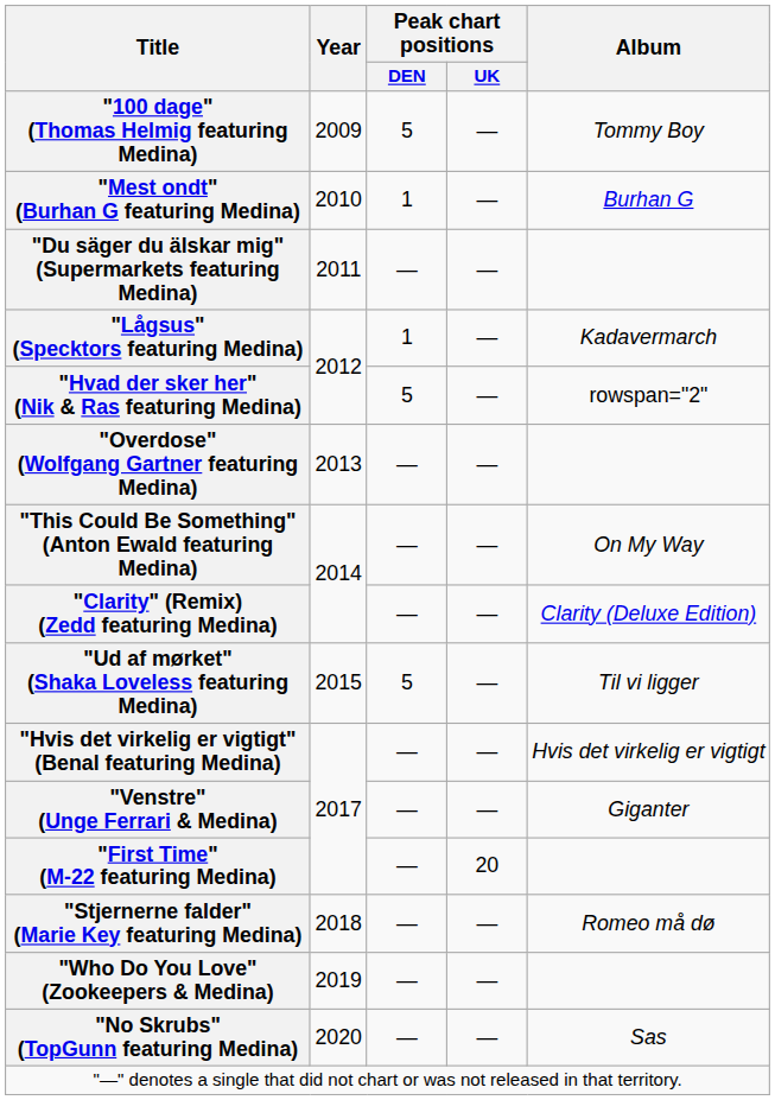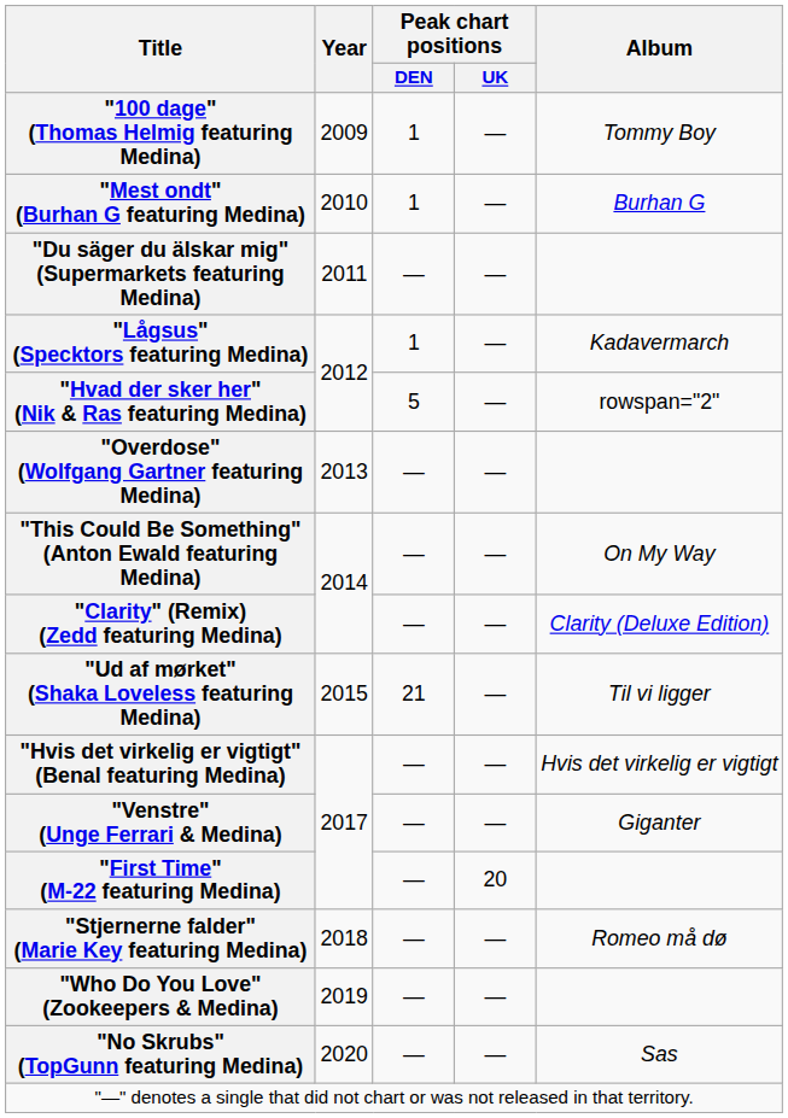 <table class="wikitable plainrowheaders" style="text-align:center;" border="1">
 <tr>
 <th scope="col" rowspan="2" style="width:14em;">Title</th>
 <th scope="col" rowspan="2" style="width:1em;">Year</th>
 <th scope="col" colspan="2">Peak chart positions</th>
 <th scope="col" rowspan="2">Album</th>
 </tr>
 <tr>
 <th scope="col" style="width:4em;font-size:85%"><a href='#'>DEN</a><br></th>
 <th scope="col" style="width:4em;font-size:85%"><a href='#'>UK</a><br></th>
 </tr>
 <tr>
 <th scope="row">"<a href='#'>100 dage</a>"<br><span>(<a href='#'>Thomas Helmig</a> featuring Medina)</span></th>
 <td>2009</td>
-<td>5</td>
+<td>1</td>
 <td>—</td>
 <td><em>Tommy Boy</em></td>
 </tr>
 <tr>
 <th scope="row">"<a href='#'>Mest ondt</a>"<br><span>(<a href='#'>Burhan G</a> featuring Medina)</span></th>
 <td>2010</td>
 <td>1</td>
 <td>—</td>
 <td><em><a href='#'>Burhan G</a></em></td>
 </tr>
 <tr>
 <th scope="row">"Du säger du älskar mig"<br><span>(Supermarkets featuring Medina)</span></th>
 <td>2011</td>
 <td>—</td>
 <td>—</td>
 <td></td>
 </tr>
 <tr>
 <th scope="row">"<a href='#'>Lågsus</a>"<br><span>(<a href='#'>Specktors</a> featuring Medina)</span></th>
 <td rowspan="2">2012</td>
 <td>1</td>
 <td>—</td>
 <td><em>Kadavermarch</em></td>
 </tr>
 <tr>
 <th scope="row">"<a href='#'>Hvad der sker her</a>"<br><span>(<a href='#'>Nik</a> & <a href='#'>Ras</a> featuring Medina)</span></th>
 <td>5</td>
 <td>—</td>
 <td>rowspan="2" </td>
 </tr>
 <tr>
 <th scope="row">"Overdose"<br><span>(<a href='#'>Wolfgang Gartner</a> featuring Medina)</span></th>
 <td>2013</td>
 <td>—</td>
 <td>—</td>
 </tr>
 <tr>
 <th scope="row">"This Could Be Something"<br><span>(Anton Ewald featuring Medina)</span></th>
 <td rowspan="2">2014</td>
 <td>—</td>
 <td>—</td>
 <td><em>On My Way</em></td>
 </tr>
 <tr>
 <th scope="row">"<a href='#'>Clarity</a>" (Remix)<br><span>(<a href='#'>Zedd</a> featuring Medina)</span></th>
 <td>—</td>
 <td>—</td>
 <td><em><a href='#'>Clarity (Deluxe Edition)</a></em></td>
 </tr>
 <tr>
 <th scope="row">"Ud af mørket"<br><span>(<a href='#'>Shaka Loveless</a> featuring Medina)</span></th>
 <td>2015</td>
-<td>5</td>
+<td>21</td>
 <td>—</td>
 <td><em>Til vi ligger</em></td>
 </tr>
 <tr>
 <th scope="row">"Hvis det virkelig er vigtigt"<br><span>(Benal featuring Medina)</span></th>
 <td rowspan="3">2017</td>
 <td>—</td>
 <td>—</td>
 <td><em>Hvis det virkelig er vigtigt</em></td>
 </tr>
 <tr>
 <th scope="row">"Venstre"<br><span>(<a href='#'>Unge Ferrari</a> & Medina)</span></th>
 <td>—</td>
 <td>—</td>
 <td><em>Giganter</em></td>
 </tr>
 <tr>
 <th scope="row">"<a href='#'>First Time</a>"<br><span>(<a href='#'>M-22</a> featuring Medina)</span></th>
 <td>—</td>
 <td>20</td>
 <td></td>
 </tr>
 <tr>
 <th scope="row">"Stjernerne falder"<br><span>(<a href='#'>Marie Key</a> featuring Medina)</span></th>
 <td>2018</td>
 <td>—</td>
 <td>—</td>
 <td><em>Romeo må dø</em></td>
 </tr>
 <tr>
 <th scope="row">"Who Do You Love"<br><span>(Zookeepers & Medina)</span></th>
 <td>2019</td>
 <td>—</td>
 <td>—</td>
 <td></td>
 </tr>
 <tr>
 <th scope="row">"No Skrubs"<br><span>(<a href='#'>TopGunn</a> featuring Medina)</span></th>
 <td>2020</td>
 <td>—</td>
 <td>—</td>
 <td><em>Sas</em></td>
 </tr>
 <tr>
 <td colspan="18" style="font-size:85%">"—" denotes a single that did not chart or was not released in that territory.</td>
 </tr>
 </table>
